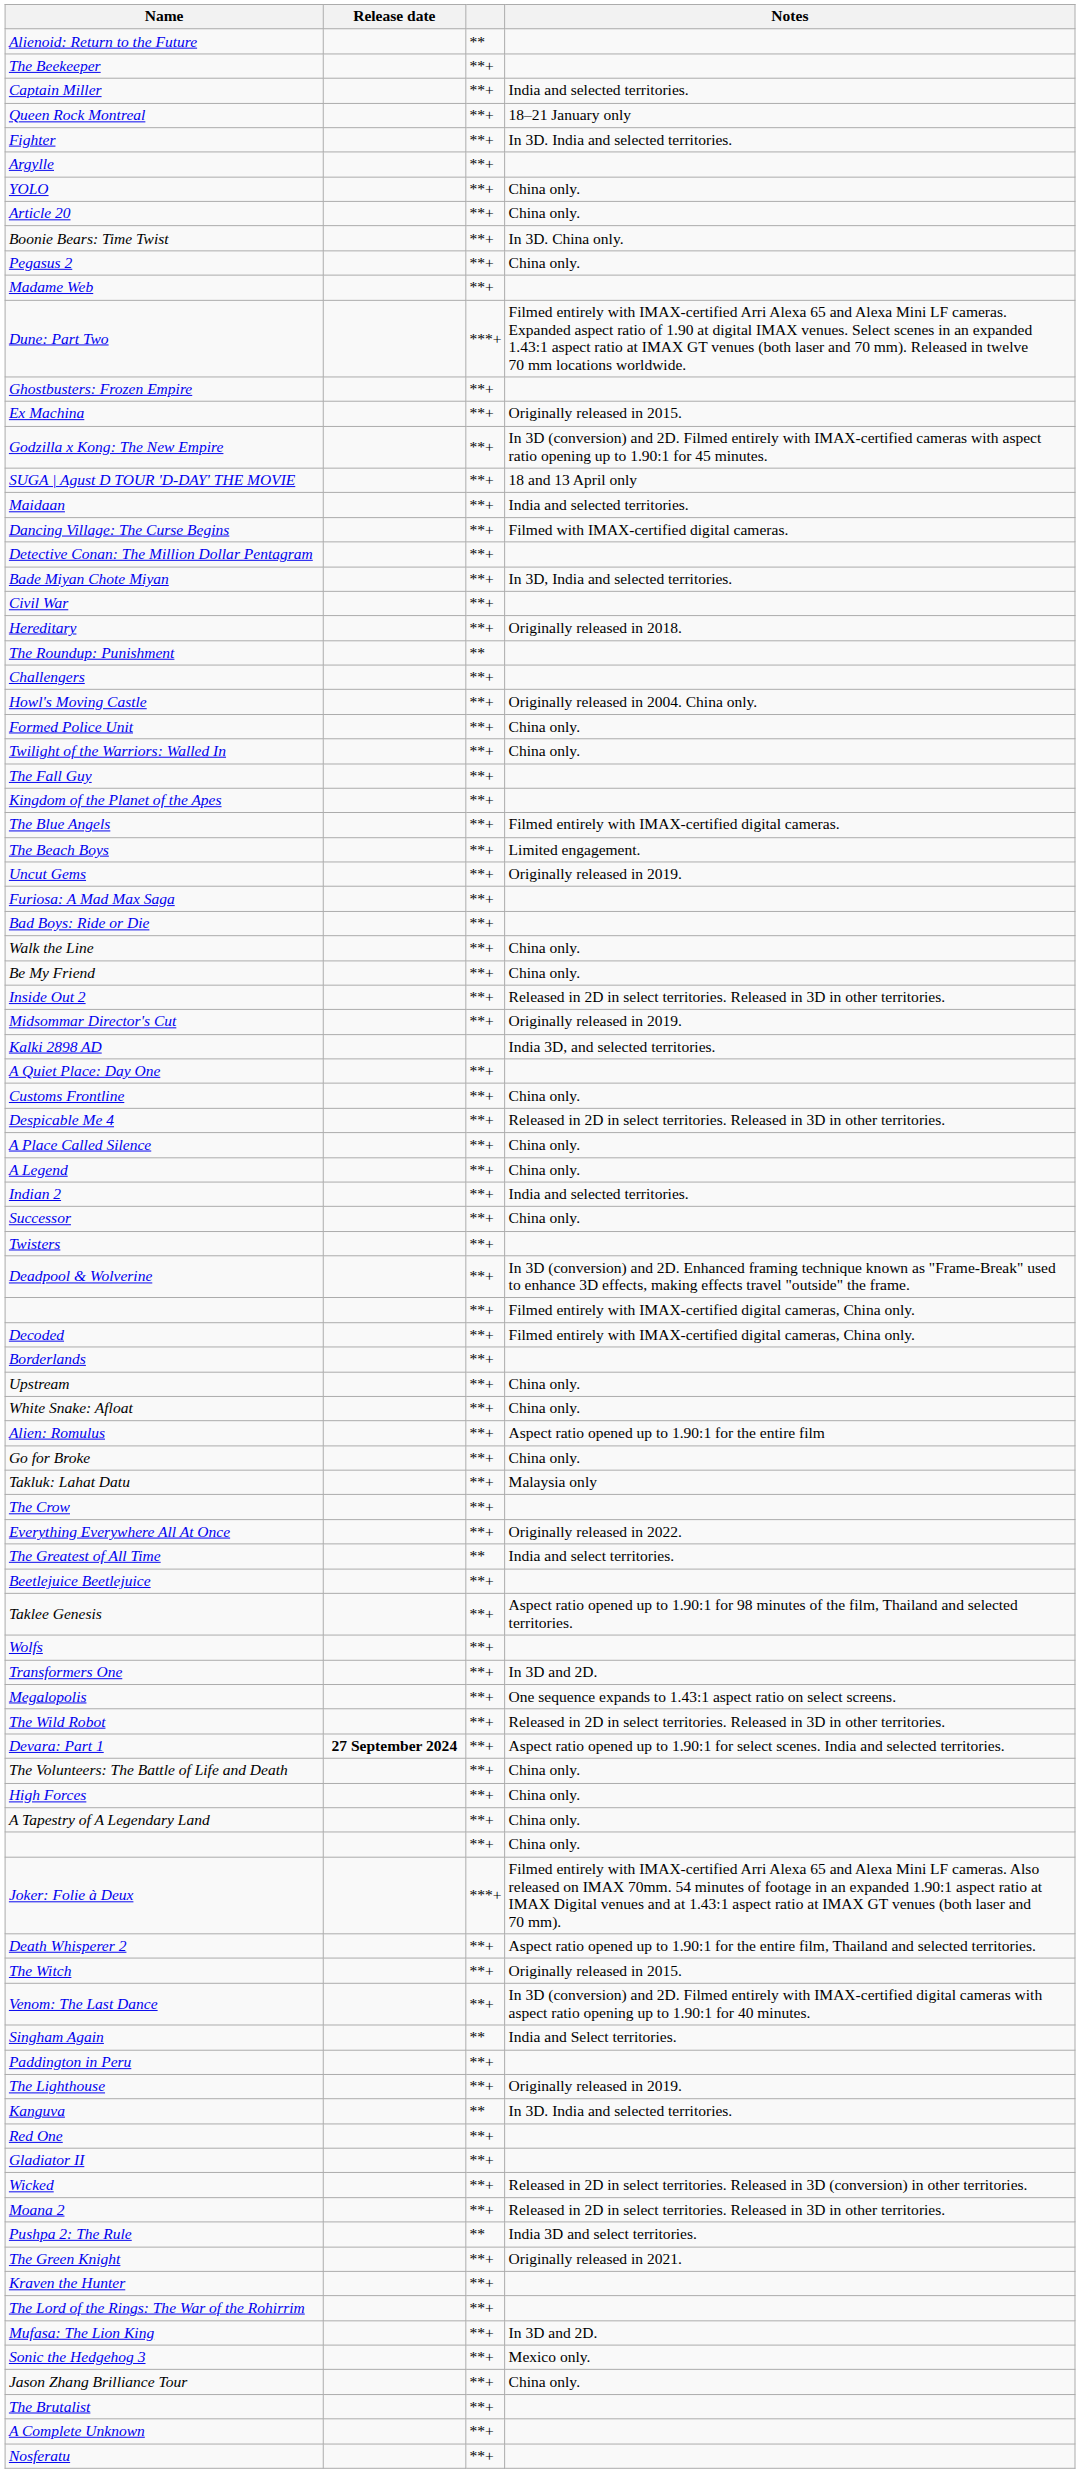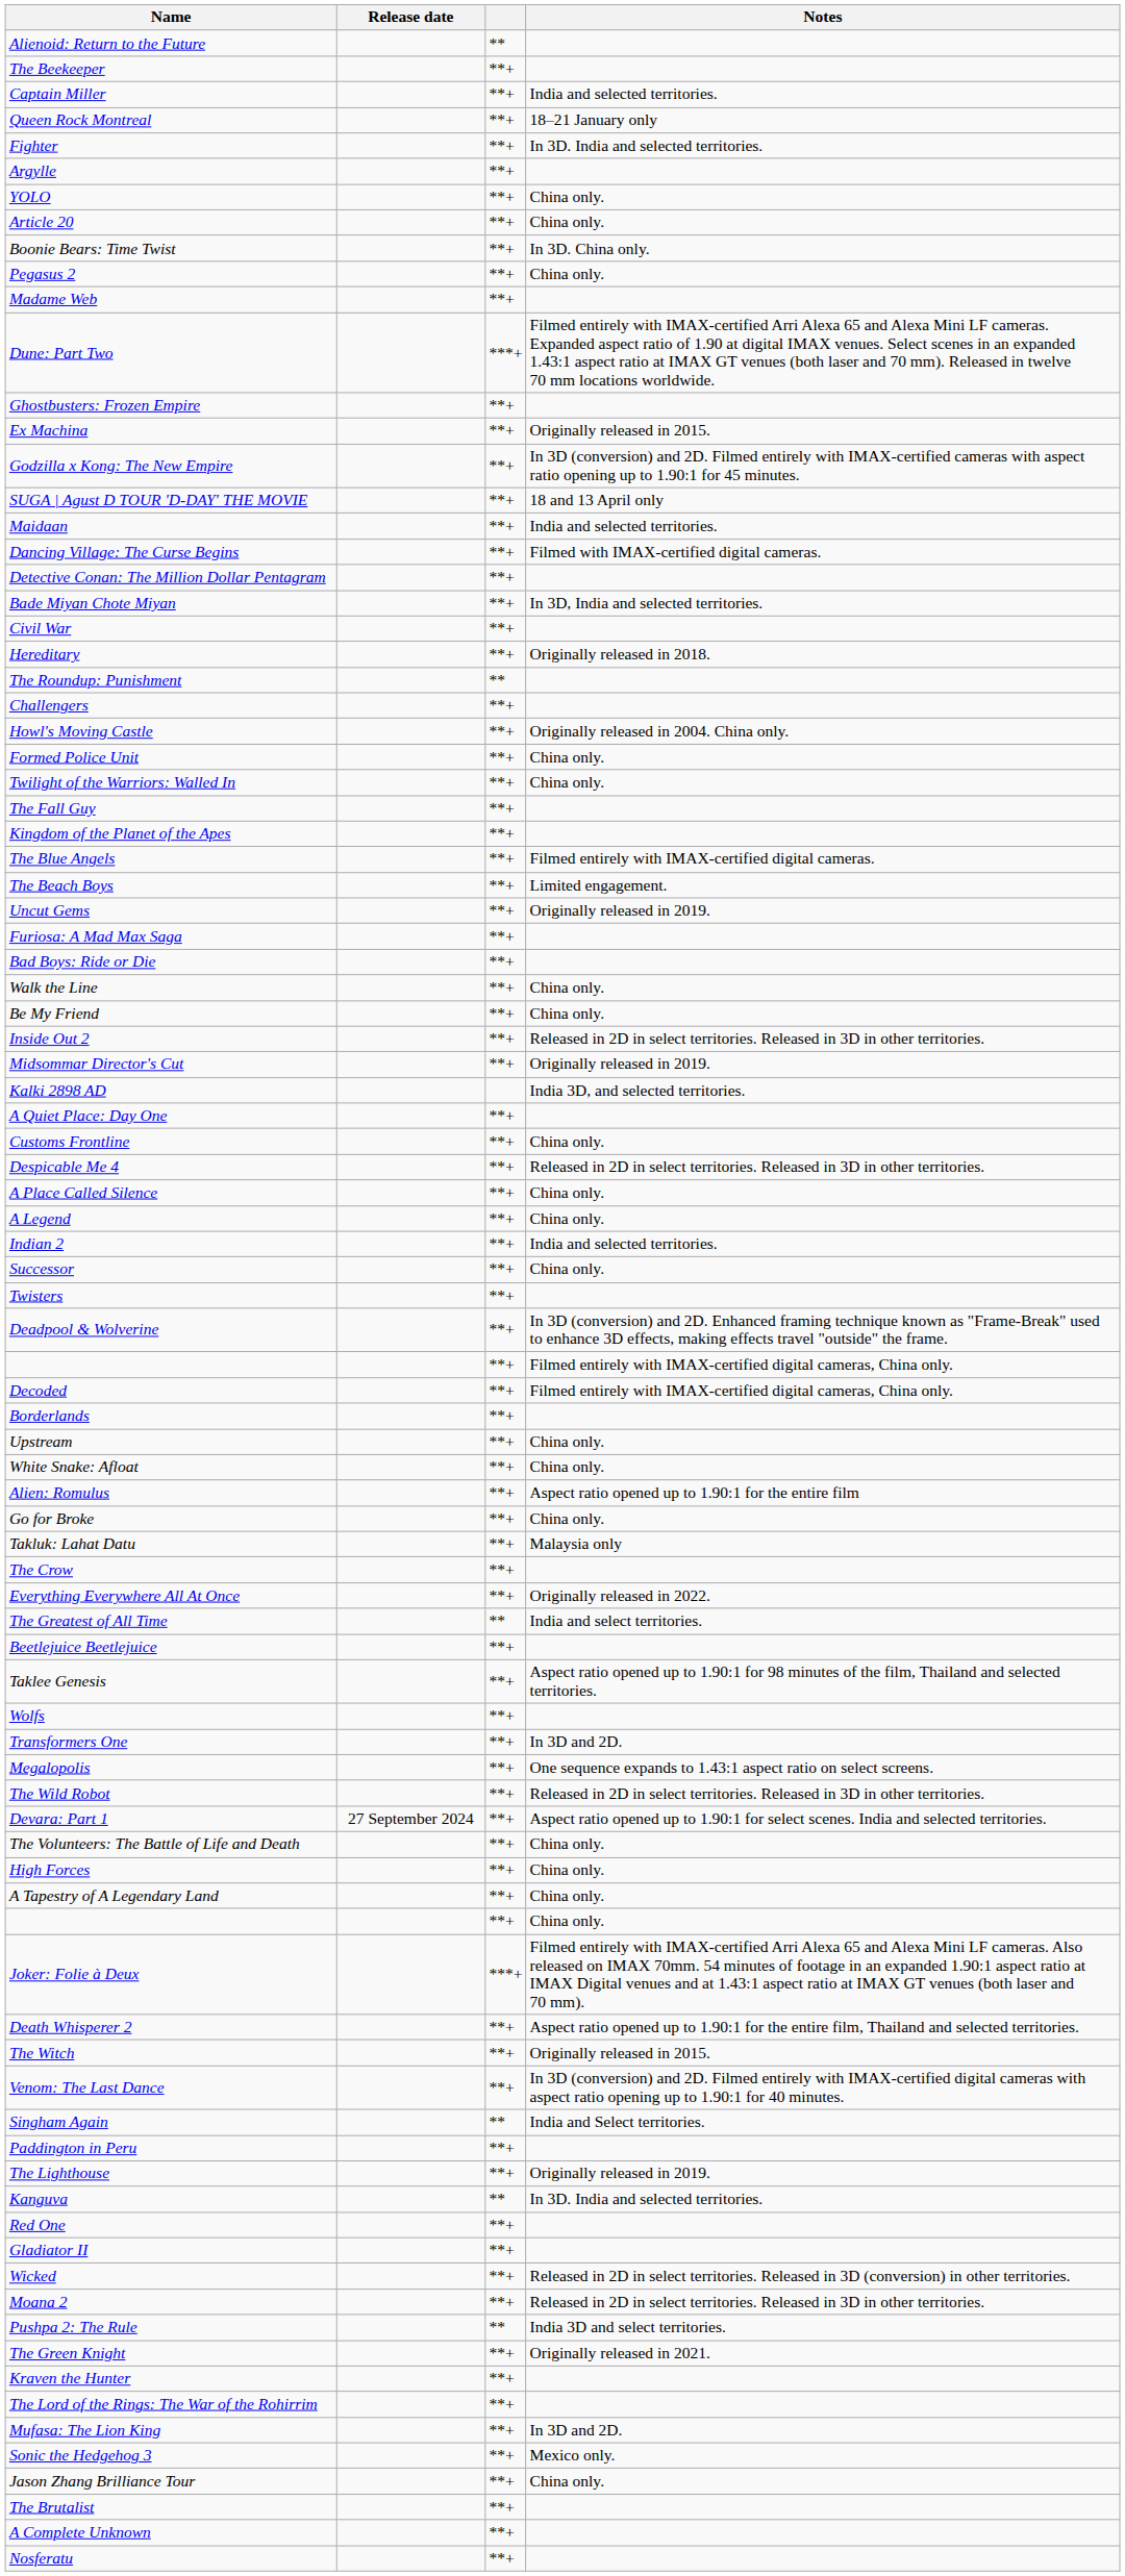 <table class="wikitable sortable collapsible" style="margin:auto;">
 <tr>
 <th scope="col" style="width:320px;">Name</th>
 <th scope="col" style="width:140px;">Release date</th>
 <th scope="col" class="unsortable" style="width:20px;"></th>
 <th scope="col" class="unsortable" style="width:580px;">Notes</th>
 </tr>
 <tr>
 <td><em><a href='#'>Alienoid: Return to the Future</a></em></td>
 <td align=center></td>
 <td>**</td>
 <td></td>
 </tr>
 <tr>
 <td><em><a href='#'>The Beekeeper</a></em></td>
 <td align=center></td>
 <td>**+</td>
 <td></td>
 </tr>
 <tr>
 <td><em><a href='#'>Captain Miller</a></em></td>
 <td align=center></td>
 <td>**+</td>
 <td>India and selected territories.</td>
 </tr>
 <tr>
 <td><em><a href='#'>Queen Rock Montreal</a></em></td>
 <td align=center></td>
 <td>**+</td>
 <td>18–21 January only </td>
 </tr>
 <tr>
 <td><em><a href='#'>Fighter</a></em></td>
 <td align=center></td>
 <td>**+</td>
 <td>In 3D. India and selected territories.</td>
 </tr>
 <tr>
 <td><em><a href='#'>Argylle</a></em></td>
 <td align=center></td>
 <td>**+</td>
 <td></td>
 </tr>
 <tr>
 <td><em><a href='#'>YOLO</a></em></td>
 <td align=center></td>
 <td>**+</td>
 <td>China only.</td>
 </tr>
 <tr>
 <td><em><a href='#'>Article 20</a></em></td>
 <td align=center></td>
 <td>**+</td>
 <td>China only.</td>
 </tr>
 <tr>
 <td><em>Boonie Bears: Time Twist</em></td>
 <td align=center></td>
 <td>**+</td>
 <td>In 3D.  China only.</td>
 </tr>
 <tr>
 <td><em><a href='#'>Pegasus 2</a></em></td>
 <td align=center></td>
 <td>**+</td>
 <td>China only.</td>
 </tr>
 <tr>
 <td><em><a href='#'>Madame Web</a></em></td>
 <td align=center></td>
 <td>**+</td>
 <td></td>
 </tr>
 <tr>
 <td><em><a href='#'>Dune: Part Two</a></em></td>
 <td align=center></td>
 <td>***+</td>
 <td>Filmed entirely with IMAX-certified Arri Alexa 65 and Alexa Mini LF cameras. Expanded aspect ratio of 1.90 at digital IMAX venues. Select scenes in an expanded 1.43:1 aspect ratio at IMAX GT venues (both laser and 70 mm). Released in twelve 70 mm locations worldwide.</td>
 </tr>
 <tr>
 <td><em><a href='#'>Ghostbusters: Frozen Empire</a></em></td>
 <td align=center></td>
 <td>**+</td>
 <td></td>
 </tr>
 <tr>
 <td><em><a href='#'>Ex Machina</a></em></td>
 <td align=center></td>
 <td>**+</td>
 <td>Originally released in 2015.</td>
 </tr>
 <tr>
 <td><em><a href='#'>Godzilla x Kong: The New Empire</a></em></td>
 <td align=center></td>
 <td>**+</td>
 <td>In 3D (conversion) and 2D. Filmed entirely with IMAX-certified cameras with aspect ratio opening up to 1.90:1 for 45 minutes.</td>
 </tr>
 <tr>
 <td><em><a href='#'>SUGA | Agust D TOUR 'D-DAY' THE MOVIE</a></em></td>
 <td align=center></td>
 <td>**+</td>
 <td>18 and 13 April only </td>
 </tr>
 <tr>
 <td><em><a href='#'>Maidaan</a></em></td>
 <td align=center></td>
 <td>**+</td>
 <td>India and selected territories.</td>
 </tr>
 <tr>
 <td><em><a href='#'>Dancing Village: The Curse Begins</a></em></td>
 <td align=center></td>
 <td>**+</td>
 <td>Filmed with IMAX-certified digital cameras.</td>
 </tr>
 <tr>
 <td><em><a href='#'>Detective Conan: The Million Dollar Pentagram</a></em></td>
 <td align=center></td>
 <td>**+</td>
 <td></td>
 </tr>
 <tr>
 <td><em><a href='#'>Bade Miyan Chote Miyan</a></em></td>
 <td align=center></td>
 <td>**+</td>
 <td>In 3D, India and selected territories.</td>
 </tr>
 <tr>
 <td><em><a href='#'>Civil War</a></em></td>
 <td align=center></td>
 <td>**+</td>
 <td></td>
 </tr>
 <tr>
 <td><em><a href='#'>Hereditary</a></em></td>
 <td align=center></td>
 <td>**+</td>
 <td>Originally released in 2018.</td>
 </tr>
 <tr>
 <td><em><a href='#'>The Roundup: Punishment</a></em></td>
 <td align=center></td>
 <td>**</td>
 <td></td>
 </tr>
 <tr>
 <td><em><a href='#'>Challengers</a></em></td>
 <td align=center></td>
 <td>**+</td>
 <td></td>
 </tr>
 <tr>
 <td><em><a href='#'>Howl's Moving Castle</a></em></td>
 <td align=center></td>
 <td>**+</td>
 <td>Originally released in 2004. China only.</td>
 </tr>
 <tr>
 <td><em><a href='#'>Formed Police Unit</a></em></td>
 <td align=center></td>
 <td>**+</td>
 <td>China only.</td>
 </tr>
 <tr>
 <td><em><a href='#'>Twilight of the Warriors: Walled In</a></em></td>
 <td align=center></td>
 <td>**+</td>
 <td>China only.</td>
 </tr>
 <tr>
 <td><em><a href='#'>The Fall Guy</a></em></td>
 <td align=center></td>
 <td>**+</td>
 <td></td>
 </tr>
 <tr>
 <td><em><a href='#'>Kingdom of the Planet of the Apes</a></em></td>
 <td align=center></td>
 <td>**+</td>
 <td></td>
 </tr>
 <tr>
 <td><em><a href='#'>The Blue Angels</a></em></td>
 <td align=center></td>
 <td>**+</td>
 <td>Filmed entirely with IMAX-certified digital cameras.</td>
 </tr>
 <tr>
 <td><em><a href='#'>The Beach Boys</a></em></td>
 <td align=center></td>
 <td>**+</td>
 <td>Limited engagement.</td>
 </tr>
 <tr>
 <td><em><a href='#'>Uncut Gems</a></em></td>
 <td align=center></td>
 <td>**+</td>
 <td>Originally released in 2019.</td>
 </tr>
 <tr>
 <td><em><a href='#'>Furiosa: A Mad Max Saga</a></em></td>
 <td align=center></td>
 <td>**+</td>
 <td></td>
 </tr>
 <tr>
 <td><em><a href='#'>Bad Boys: Ride or Die</a></em></td>
 <td align=center></td>
 <td>**+</td>
 <td></td>
 </tr>
 <tr>
 <td><em>Walk the Line</em></td>
 <td align=center></td>
 <td>**+</td>
 <td>China only.</td>
 </tr>
 <tr>
 <td><em>Be My Friend</em></td>
 <td align=center></td>
 <td>**+</td>
 <td>China only.</td>
 </tr>
 <tr>
 <td><em><a href='#'>Inside Out 2</a></em></td>
 <td align=center></td>
 <td>**+</td>
 <td>Released in 2D in select territories. Released in 3D in other territories.</td>
 </tr>
 <tr>
 <td><em><a href='#'>Midsommar Director's Cut</a></em></td>
 <td align=center></td>
 <td>**+</td>
 <td>Originally released in 2019.</td>
 </tr>
 <tr>
 <td><em><a href='#'>Kalki 2898 AD</a></em></td>
 <td align=center></td>
 <td></td>
 <td>India 3D, and selected territories.</td>
 </tr>
 <tr>
 <td><em><a href='#'>A Quiet Place: Day One</a></em></td>
 <td align=center></td>
 <td>**+</td>
 <td></td>
 </tr>
 <tr>
 <td><em><a href='#'>Customs Frontline</a></em></td>
 <td align=center></td>
 <td>**+</td>
 <td>China only.</td>
 </tr>
 <tr>
 <td><em><a href='#'>Despicable Me 4</a></em></td>
 <td align=center></td>
 <td>**+</td>
 <td>Released in 2D in select territories. Released in 3D in other territories.</td>
 </tr>
 <tr>
 <td><em><a href='#'>A Place Called Silence</a></em></td>
 <td align=center></td>
 <td>**+</td>
 <td>China only.</td>
 </tr>
 <tr>
 <td><em><a href='#'>A Legend</a></em></td>
 <td align=center></td>
 <td>**+</td>
 <td>China only.</td>
 </tr>
 <tr>
 <td><em><a href='#'>Indian 2</a></em></td>
 <td align=center></td>
 <td>**+</td>
 <td>India and selected territories.</td>
 </tr>
 <tr>
 <td><em><a href='#'>Successor</a></em></td>
 <td align=center></td>
 <td>**+</td>
 <td>China only.</td>
 </tr>
 <tr>
 <td><em><a href='#'>Twisters</a></em></td>
 <td align=center></td>
 <td>**+</td>
 <td></td>
 </tr>
 <tr>
 <td><em><a href='#'>Deadpool & Wolverine</a></em></td>
 <td align=center></td>
 <td>**+</td>
 <td>In 3D (conversion) and 2D. Enhanced framing technique known as "Frame-Break" used to enhance 3D effects, making effects travel "outside" the frame.</td>
 </tr>
 <tr>
 <td><em></em></td>
 <td align=center></td>
 <td>**+</td>
 <td>Filmed entirely with IMAX-certified digital cameras, China only.</td>
 </tr>
 <tr>
 <td><em><a href='#'>Decoded</a></em></td>
 <td align=center></td>
 <td>**+</td>
 <td>Filmed entirely with IMAX-certified digital cameras, China only.</td>
 </tr>
 <tr>
 <td><em><a href='#'>Borderlands</a></em></td>
 <td align=center></td>
 <td>**+</td>
 <td></td>
 </tr>
 <tr>
 <td><em>Upstream</em></td>
 <td align=center></td>
 <td>**+</td>
 <td>China only.</td>
 </tr>
 <tr>
 <td><em>White Snake: Afloat</em></td>
 <td align=center></td>
 <td>**+</td>
 <td>China only.</td>
 </tr>
 <tr>
 <td><em><a href='#'>Alien: Romulus</a></em></td>
 <td align=center></td>
 <td>**+</td>
 <td>Aspect ratio opened up to 1.90:1 for the entire film</td>
 </tr>
 <tr>
 <td><em>Go for Broke</em></td>
 <td align=center></td>
 <td>**+</td>
 <td>China only.</td>
 </tr>
 <tr>
 <td><em>Takluk: Lahat Datu</em></td>
 <td align=center></td>
 <td>**+</td>
 <td>Malaysia only</td>
 </tr>
 <tr>
 <td><em><a href='#'>The Crow</a></em></td>
 <td align=center></td>
 <td>**+</td>
 <td></td>
 </tr>
 <tr>
 <td><em><a href='#'>Everything Everywhere All At Once</a></em></td>
 <td align=center></td>
 <td>**+</td>
 <td>Originally released in 2022.</td>
 </tr>
 <tr>
 <td><em><a href='#'>The Greatest of All Time</a></em></td>
 <td align=center></td>
 <td>**</td>
 <td>India and select territories.</td>
 </tr>
 <tr>
 <td><em><a href='#'>Beetlejuice Beetlejuice</a></em></td>
 <td align=center></td>
 <td>**+</td>
 <td></td>
 </tr>
 <tr>
 <td><em>Taklee Genesis</em></td>
 <td align=center></td>
 <td>**+</td>
 <td>Aspect ratio opened up to 1.90:1 for 98 minutes of the film, Thailand and selected territories.</td>
 </tr>
 <tr>
 <td><a href='#'><em>Wolfs</em></a></td>
 <td align=center></td>
 <td>**+</td>
 <td></td>
 </tr>
 <tr>
 <td><em><a href='#'>Transformers One</a></em></td>
 <td align=center></td>
 <td>**+</td>
 <td>In 3D and 2D.</td>
 </tr>
 <tr>
 <td><em><a href='#'>Megalopolis</a></em></td>
 <td align=center></td>
 <td>**+</td>
 <td>One sequence expands to 1.43:1 aspect ratio on select screens.</td>
 </tr>
 <tr>
 <td><em><a href='#'>The Wild Robot</a></em></td>
 <td align=center></td>
 <td>**+</td>
 <td>Released in 2D in select territories. Released in 3D in other territories.</td>
 </tr>
 <tr>
 <td><em><a href='#'>Devara: Part 1</a></em></td>
-<td align=center><strong>27 September 2024</strong></td>
+<td align=center>27 September 2024</td>
 <td>**+</td>
 <td>Aspect ratio opened up to 1.90:1 for select scenes. India and selected territories.</td>
 </tr>
 <tr>
 <td><em>The Volunteers: The Battle of Life and Death</em></td>
 <td align=center></td>
 <td>**+</td>
 <td>China only.</td>
 </tr>
 <tr>
 <td><em><a href='#'>High Forces</a></em></td>
 <td align=center></td>
 <td>**+</td>
 <td>China only.</td>
 </tr>
 <tr>
 <td><em>A Tapestry of A Legendary Land</em></td>
 <td align=center></td>
 <td>**+</td>
 <td>China only.</td>
 </tr>
 <tr>
 <td><em></em></td>
 <td align=center></td>
 <td>**+</td>
 <td>China only.</td>
 </tr>
 <tr>
 <td><em><a href='#'>Joker: Folie à Deux</a></em></td>
 <td align=center></td>
 <td>***+</td>
 <td>Filmed entirely with IMAX-certified Arri Alexa 65 and Alexa Mini LF cameras. Also released on IMAX 70mm. 54 minutes of footage in an expanded 1.90:1 aspect ratio at IMAX Digital venues and at 1.43:1 aspect ratio at IMAX GT venues (both laser and 70 mm).</td>
 </tr>
 <tr>
 <td><em><a href='#'>Death Whisperer 2</a></em></td>
 <td align=center></td>
 <td>**+</td>
 <td>Aspect ratio opened up to 1.90:1 for the entire film, Thailand and selected territories.</td>
 </tr>
 <tr>
 <td><em><a href='#'>The Witch</a></em></td>
 <td align=center></td>
 <td>**+</td>
 <td>Originally released in 2015.</td>
 </tr>
 <tr>
 <td><em><a href='#'>Venom: The Last Dance</a></em></td>
 <td align=center></td>
 <td>**+</td>
 <td>In 3D (conversion) and 2D. Filmed entirely with IMAX-certified digital cameras with aspect ratio opening up to 1.90:1 for 40 minutes.</td>
 </tr>
 <tr>
 <td><em><a href='#'>Singham Again</a></em></td>
 <td align=center></td>
 <td>**</td>
 <td>India and Select territories.</td>
 </tr>
 <tr>
 <td><em><a href='#'>Paddington in Peru</a></em></td>
 <td align=center></td>
 <td>**+</td>
 <td></td>
 </tr>
 <tr>
 <td><em><a href='#'>The Lighthouse</a></em></td>
 <td align=center></td>
 <td>**+</td>
 <td>Originally released in 2019.</td>
 </tr>
 <tr>
 <td><em><a href='#'>Kanguva</a></em></td>
 <td align=center></td>
 <td>**</td>
 <td>In 3D. India and selected territories.</td>
 </tr>
 <tr>
 <td><em><a href='#'>Red One</a></em></td>
 <td align=center></td>
 <td>**+</td>
 <td></td>
 </tr>
 <tr>
 <td><em><a href='#'>Gladiator II</a></em></td>
 <td align=center></td>
 <td>**+</td>
 <td></td>
 </tr>
 <tr>
 <td><em><a href='#'>Wicked</a></em></td>
 <td align=center></td>
 <td>**+</td>
 <td>Released in 2D in select territories. Released in 3D (conversion) in other territories.</td>
 </tr>
 <tr>
 <td><em><a href='#'>Moana 2</a></em></td>
 <td align=center></td>
 <td>**+</td>
 <td>Released in 2D in select territories. Released in 3D in other territories.</td>
 </tr>
 <tr>
 <td><em><a href='#'>Pushpa 2: The Rule</a></em></td>
 <td align=center></td>
 <td>**</td>
 <td>India 3D and select territories.</td>
 </tr>
 <tr>
 <td><em><a href='#'>The Green Knight</a></em></td>
 <td align=center></td>
 <td>**+</td>
 <td>Originally released in 2021.</td>
 </tr>
 <tr>
 <td><em><a href='#'>Kraven the Hunter</a></em></td>
 <td align=center></td>
 <td>**+</td>
 <td></td>
 </tr>
 <tr>
 <td><em><a href='#'>The Lord of the Rings: The War of the Rohirrim</a></em></td>
 <td align=center></td>
 <td>**+</td>
 <td></td>
 </tr>
 <tr>
 <td><em><a href='#'>Mufasa: The Lion King</a></em></td>
 <td align=center></td>
 <td>**+</td>
 <td>In 3D and 2D.</td>
 </tr>
 <tr>
 <td><em><a href='#'>Sonic the Hedgehog 3</a></em></td>
 <td align=center></td>
 <td>**+</td>
 <td>Mexico only.</td>
 </tr>
 <tr>
 <td><em>Jason Zhang Brilliance Tour</em></td>
 <td align=center></td>
 <td>**+</td>
 <td>China only.</td>
 </tr>
 <tr>
 <td><em><a href='#'>The Brutalist</a></em></td>
 <td align=center></td>
 <td>**+</td>
 <td></td>
 </tr>
 <tr>
 <td><em><a href='#'>A Complete Unknown</a></em></td>
 <td align=center></td>
 <td>**+</td>
 <td></td>
 </tr>
 <tr>
 <td><em><a href='#'>Nosferatu</a></em></td>
 <td align=center></td>
 <td>**+</td>
 <td></td>
 </tr>
 </table>
